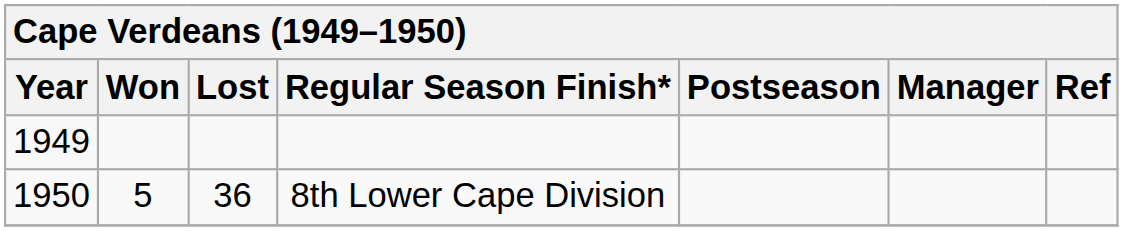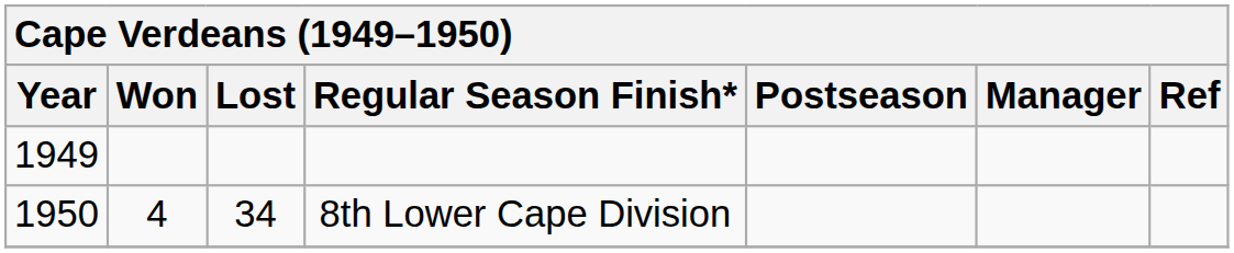 <table class="wikitable" style="text-align:center">
 <tr>
 <th style="text-align:left" colspan="7"><strong><span>Cape Verdeans (1949–1950)</span></strong></th>
 </tr>
 <tr>
 <th scope="col">Year</th>
 <th scope="col">Won</th>
 <th scope="col">Lost</th>
 <th scope="col">Regular Season Finish*</th>
 <th scope="col">Postseason</th>
 <th scope="col">Manager</th>
 <th scope="col">Ref</th>
 </tr>
 <tr>
 <td>1949</td>
 <td></td>
 <td></td>
 <td></td>
 <td></td>
 <td></td>
 <td></td>
 </tr>
 <tr>
 <td>1950</td>
-<td>5</td>
-<td>36</td>
+<td>4</td>
+<td>34</td>
 <td>8th Lower Cape Division</td>
 <td></td>
 <td></td>
 <td></td>
 </tr>
 <tr>
 </tr>
 </table>
